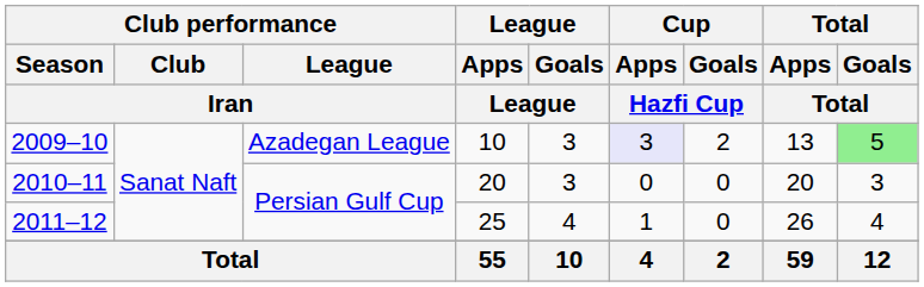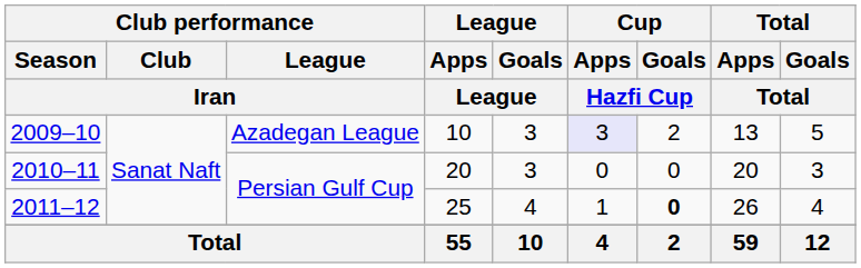 <table class="wikitable" style="text-align:center;">
 <tr>
 <th colspan=3>Club performance</th>
 <th colspan=2>League</th>
 <th colspan=2>Cup</th>
 <th colspan=2>Total</th>
 </tr>
 <tr>
 <th>Season</th>
 <th>Club</th>
 <th>League</th>
 <th>Apps</th>
 <th>Goals</th>
 <th>Apps</th>
 <th>Goals</th>
 <th>Apps</th>
 <th>Goals</th>
 </tr>
 <tr>
 <th colspan=3>Iran</th>
 <th colspan=2>League</th>
 <th colspan=2><a href='#'>Hazfi Cup</a></th>
 <th colspan=2>Total</th>
 </tr>
 <tr>
 <td><a href='#'>2009–10</a></td>
 <td rowspan="3"><a href='#'>Sanat Naft</a></td>
 <td><a href='#'>Azadegan League</a></td>
 <td>10</td>
 <td>3</td>
 <td style="background: lavender;">3</td>
 <td>2</td>
 <td>13</td>
-<td style="background: lightgreen;">5</td>
+<td>5</td>
 </tr>
 <tr>
 <td><a href='#'>2010–11</a></td>
 <td rowspan="2"><a href='#'>Persian Gulf Cup</a></td>
 <td>20</td>
 <td>3</td>
 <td>0</td>
 <td>0</td>
 <td>20</td>
 <td>3</td>
 </tr>
 <tr>
 <td><a href='#'>2011–12</a></td>
 <td>25</td>
 <td>4</td>
 <td>1</td>
-<td>0</td>
+<td><strong>0</strong></td>
 <td>26</td>
 <td>4</td>
 </tr>
 <tr>
 </tr>
 <tr>
 <th colspan=3>Total</th>
 <th>55</th>
 <th>10</th>
 <th>4</th>
 <th>2</th>
 <th>59</th>
 <th>12</th>
 </tr>
 </table>
